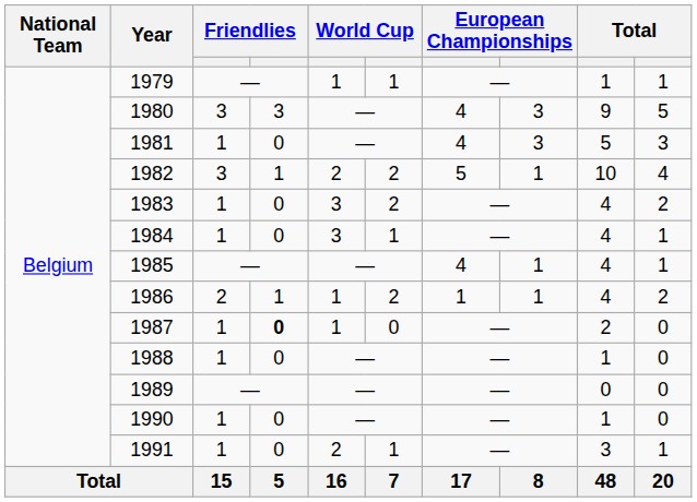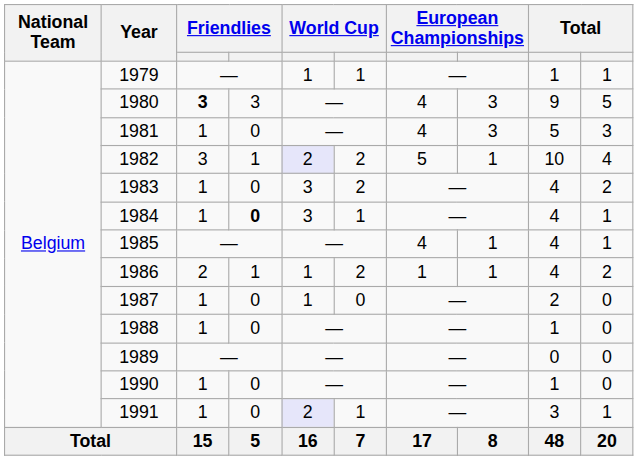 <table class="wikitable">
 <tr>
 <th rowspan="2" width="80">National<br>Team</th>
 <th rowspan="2" width="60">Year</th>
 <th colspan="2" width="80"><a href='#'>Friendlies</a></th>
 <th colspan="2" width="80"><a href='#'>World Cup</a></th>
 <th colspan="2" width="80"><a href='#'>European Championships</a></th>
 <th colspan="2" width="80">Total</th>
 </tr>
 <tr style="text-align:center;">
 <th width="40"></th>
 <th width="40" abbr="Goals against"></th>
 <th width="40"></th>
 <th width="40" abbr="Goals against"></th>
 <th width="40"></th>
 <th width="40" abbr="Goals against"></th>
 <th width="40"></th>
 <th width="40" abbr="Goals against"></th>
 </tr>
 <tr style="text-align:center;">
 <td rowspan="13" align="center" valign="center"><a href='#'>Belgium</a><br></td>
 <td>1979</td>
 <td colspan="2">—</td>
 <td>1</td>
 <td>1</td>
 <td colspan="2">—</td>
 <td>1</td>
 <td>1</td>
 </tr>
 <tr style="text-align:center;">
 <td>1980</td>
-<td>3</td>
+<td><strong>3</strong></td>
 <td>3</td>
 <td colspan="2">—</td>
 <td>4</td>
 <td>3</td>
 <td>9</td>
 <td>5</td>
 </tr>
 <tr style="text-align:center;">
 <td>1981</td>
 <td>1</td>
 <td>0</td>
 <td colspan="2">—</td>
 <td>4</td>
 <td>3</td>
 <td>5</td>
 <td>3</td>
 </tr>
 <tr style="text-align:center;">
 <td>1982</td>
 <td>3</td>
 <td>1</td>
-<td>2</td>
+<td style="background: lavender;">2</td>
 <td>2</td>
 <td>5</td>
 <td>1</td>
 <td>10</td>
 <td>4</td>
 </tr>
 <tr style="text-align:center;">
 <td>1983</td>
 <td>1</td>
 <td>0</td>
 <td>3</td>
 <td>2</td>
 <td colspan="2">—</td>
 <td>4</td>
 <td>2</td>
 </tr>
 <tr style="text-align:center;">
 <td>1984</td>
 <td>1</td>
-<td>0</td>
+<td><strong>0</strong></td>
 <td>3</td>
 <td>1</td>
 <td colspan="2">—</td>
 <td>4</td>
 <td>1</td>
 </tr>
 <tr style="text-align:center;">
 <td>1985</td>
 <td colspan="2">—</td>
 <td colspan="2">—</td>
 <td>4</td>
 <td>1</td>
 <td>4</td>
 <td>1</td>
 </tr>
 <tr style="text-align:center;">
 <td>1986</td>
 <td>2</td>
 <td>1</td>
 <td>1</td>
 <td>2</td>
 <td>1</td>
 <td>1</td>
 <td>4</td>
 <td>2</td>
 </tr>
 <tr style="text-align:center;">
 <td>1987</td>
 <td>1</td>
-<td><strong>0</strong></td>
+<td>0</td>
 <td>1</td>
 <td>0</td>
 <td colspan="2">—</td>
 <td>2</td>
 <td>0</td>
 </tr>
 <tr style="text-align:center;">
 <td>1988</td>
 <td>1</td>
 <td>0</td>
 <td colspan="2">—</td>
 <td colspan="2">—</td>
 <td>1</td>
 <td>0</td>
 </tr>
 <tr style="text-align:center;">
 <td>1989</td>
 <td colspan="2">—</td>
 <td colspan="2">—</td>
 <td colspan="2">—</td>
 <td>0</td>
 <td>0</td>
 </tr>
 <tr style="text-align:center;">
 <td>1990</td>
 <td>1</td>
 <td>0</td>
 <td colspan="2">—</td>
 <td colspan="2">—</td>
 <td>1</td>
 <td>0</td>
 </tr>
 <tr style="text-align:center;">
 <td>1991</td>
 <td>1</td>
 <td>0</td>
-<td>2</td>
+<td style="background: lavender;">2</td>
 <td>1</td>
 <td colspan="2">—</td>
 <td>3</td>
 <td>1</td>
 </tr>
 <tr style="text-align:center;">
 <th colspan="2" align="left">Total</th>
 <th align="left">15</th>
 <th align="left">5</th>
 <th align="left">16</th>
 <th align="left">7</th>
 <th align="left">17</th>
 <th align="left">8</th>
 <th align="left">48</th>
 <th align="left">20</th>
 </tr>
 </table>
